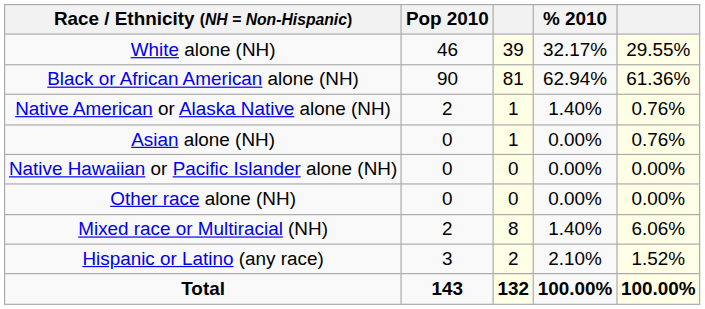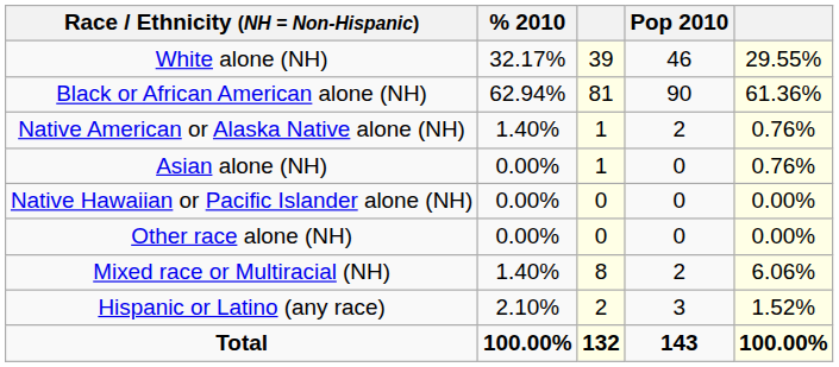 <table class="wikitable" style="text-align:center;">
 <tr>
 <th>Race / Ethnicity <small>(<em>NH = Non-Hispanic</em>)</small></th>
+<th>% 2010</th>
+<th></th>
 <th>Pop 2010</th>
-<th></th>
-<th>% 2010</th>
 <th></th>
 </tr>
 <tr>
 <td><a href='#'>White</a> alone (NH)</td>
+<td>32.17%</td>
+<td style='background: #ffffe6;'>39</td>
 <td>46</td>
-<td style='background: #ffffe6;'>39</td>
-<td>32.17%</td>
 <td style='background: #ffffe6;'>29.55%</td>
 </tr>
 <tr>
 <td><a href='#'>Black or African American</a> alone (NH)</td>
+<td>62.94%</td>
+<td style='background: #ffffe6;'>81</td>
 <td>90</td>
-<td style='background: #ffffe6;'>81</td>
-<td>62.94%</td>
 <td style='background: #ffffe6;'>61.36%</td>
 </tr>
 <tr>
 <td><a href='#'>Native American</a> or <a href='#'>Alaska Native</a> alone (NH)</td>
+<td>1.40%</td>
+<td style='background: #ffffe6;'>1</td>
 <td>2</td>
-<td style='background: #ffffe6;'>1</td>
-<td>1.40%</td>
 <td style='background: #ffffe6;'>0.76%</td>
 </tr>
 <tr>
 <td><a href='#'>Asian</a> alone (NH)</td>
+<td>0.00%</td>
+<td style='background: #ffffe6;'>1</td>
 <td>0</td>
-<td style='background: #ffffe6;'>1</td>
-<td>0.00%</td>
 <td style='background: #ffffe6;'>0.76%</td>
 </tr>
 <tr>
 <td><a href='#'>Native Hawaiian</a> or <a href='#'>Pacific Islander</a> alone (NH)</td>
+<td>0.00%</td>
+<td style='background: #ffffe6;'>0</td>
 <td>0</td>
-<td style='background: #ffffe6;'>0</td>
-<td>0.00%</td>
 <td style='background: #ffffe6;'>0.00%</td>
 </tr>
 <tr>
 <td><a href='#'>Other race</a> alone (NH)</td>
+<td>0.00%</td>
+<td style='background: #ffffe6;'>0</td>
 <td>0</td>
-<td style='background: #ffffe6;'>0</td>
-<td>0.00%</td>
 <td style='background: #ffffe6;'>0.00%</td>
 </tr>
 <tr>
 <td><a href='#'>Mixed race or Multiracial</a> (NH)</td>
+<td>1.40%</td>
+<td style='background: #ffffe6;'>8</td>
 <td>2</td>
-<td style='background: #ffffe6;'>8</td>
-<td>1.40%</td>
 <td style='background: #ffffe6;'>6.06%</td>
 </tr>
 <tr>
 <td><a href='#'>Hispanic or Latino</a> (any race)</td>
+<td>2.10%</td>
+<td style='background: #ffffe6;'>2</td>
 <td>3</td>
-<td style='background: #ffffe6;'>2</td>
-<td>2.10%</td>
 <td style='background: #ffffe6;'>1.52%</td>
 </tr>
 <tr>
 <td><strong>Total</strong></td>
+<td><strong>100.00%</strong></td>
+<td style='background: #ffffe6;'><strong>132</strong></td>
 <td><strong>143</strong></td>
-<td style='background: #ffffe6;'><strong>132</strong></td>
-<td><strong>100.00%</strong></td>
 <td style='background: #ffffe6;'><strong>100.00%</strong></td>
 </tr>
 </table>
